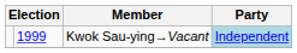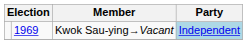 <table class="wikitable">
 <tr>
 <th colspan="2">Election</th>
 <th>Member</th>
 <th>Party</th>
 </tr>
 <tr>
 <td style="background-color:"></td>
-<td><a href='#'>1999</a></td>
+<td><a href='#'>1969</a></td>
 <td>Kwok Sau-ying→<em>Vacant</em></td>
 <td style="background: lightblue;"><a href='#'>Independent</a></td>
 </tr>
 <tr>
 </tr>
 </table>
